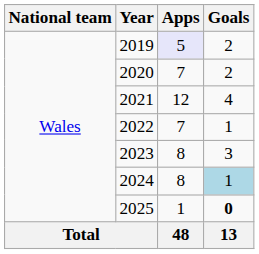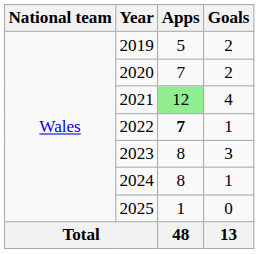 <table class=wikitable style="text-align: center">
 <tr>
 <th>National team</th>
 <th>Year</th>
 <th>Apps</th>
 <th>Goals</th>
 </tr>
 <tr>
 <td rowspan=7><a href='#'>Wales</a></td>
 <td>2019</td>
-<td style="background: lavender;">5</td>
+<td>5</td>
 <td>2</td>
 </tr>
 <tr>
 <td>2020</td>
 <td>7</td>
 <td>2</td>
 </tr>
 <tr>
 <td>2021</td>
-<td>12</td>
+<td style="background: lightgreen;">12</td>
 <td>4</td>
 </tr>
 <tr>
 <td>2022</td>
-<td>7</td>
+<td><strong>7</strong></td>
 <td>1</td>
 </tr>
 <tr>
 <td>2023</td>
 <td>8</td>
 <td>3</td>
 </tr>
 <tr>
 <td>2024</td>
 <td>8</td>
-<td style="background: lightblue;">1</td>
+<td>1</td>
 </tr>
 <tr>
 <td>2025</td>
 <td>1</td>
-<td><strong>0</strong></td>
+<td>0</td>
 </tr>
 <tr>
 <th colspan=2>Total</th>
 <th>48</th>
 <th>13</th>
 </tr>
 </table>
